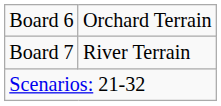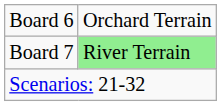 <table class="wikitable floatright">
 <tr>
 <td>Board 6</td>
 <td>Orchard Terrain</td>
 </tr>
 <tr>
 <td>Board 7</td>
-<td>River Terrain</td>
+<td style="background: lightgreen;">River Terrain</td>
 </tr>
 <tr>
 <td colspan=2><a href='#'>Scenarios:</a> 21-32</td>
 </tr>
 </table>
